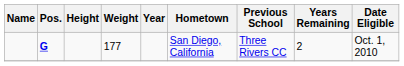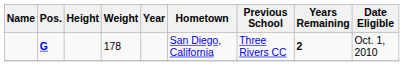 <table class="wikitable sortable" border="1">
 <tr>
 <th>Name</th>
 <th>Pos.</th>
 <th>Height</th>
 <th>Weight</th>
 <th>Year</th>
 <th>Hometown</th>
 <th class="unsortable">Previous<br>School</th>
 <th class="unsortable">Years<br>Remaining</th>
 <th class="unsortable">Date<br>Eligible</th>
 </tr>
 <tr>
 <td></td>
 <td><strong><a href='#'>G</a></strong></td>
 <td></td>
-<td>177</td>
+<td>178</td>
 <td></td>
 <td><a href='#'>San Diego, California</a></td>
 <td><a href='#'>Three Rivers CC</a></td>
-<td>2</td>
+<td><strong>2</strong></td>
 <td>Oct. 1, 2010</td>
 </tr>
 <tr>
 </tr>
 </table>
